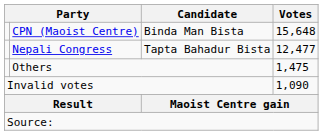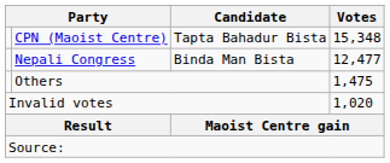 <table class="wikitable">
 <tr>
 <th colspan="2">Party</th>
 <th>Candidate</th>
 <th>Votes</th>
 </tr>
 <tr>
 <td style="background-color:"></td>
 <td><a href='#'>CPN (Maoist Centre)</a></td>
-<td>Binda Man Bista</td>
-<td>15,648</td>
+<td>Tapta Bahadur Bista</td>
+<td>15,348</td>
 </tr>
 <tr>
 <td style="background-color:"></td>
 <td><a href='#'>Nepali Congress</a></td>
-<td>Tapta Bahadur Bista</td>
+<td>Binda Man Bista</td>
 <td>12,477</td>
 </tr>
 <tr>
 <td></td>
 <td colspan="2">Others</td>
 <td>1,475</td>
 </tr>
 <tr>
 <td colspan="3">Invalid votes</td>
-<td>1,090</td>
+<td>1,020</td>
 </tr>
 <tr>
 <th colspan="2">Result</th>
 <th colspan="2">Maoist Centre gain</th>
 </tr>
 <tr>
 <td colspan="4">Source: </td>
 </tr>
 </table>
